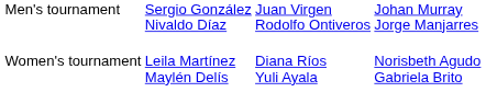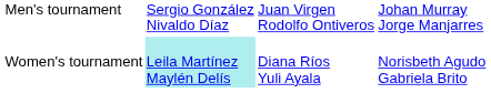 <table>
 <tr>
 <td>Men's tournament</td>
 <td><br><a href='#'>Sergio González</a><br><a href='#'>Nivaldo Díaz</a></td>
 <td><br><a href='#'>Juan Virgen</a><br><a href='#'>Rodolfo Ontiveros</a></td>
 <td><br><a href='#'>Johan Murray</a><br><a href='#'>Jorge Manjarres</a></td>
 </tr>
 <tr>
 <td>Women's tournament</td>
-<td><br><a href='#'>Leila Martínez</a><br><a href='#'>Maylén Delís</a></td>
+<td style="background: paleturquoise;"><br><a href='#'>Leila Martínez</a><br><a href='#'>Maylén Delís</a></td>
 <td><br><a href='#'>Diana Ríos</a><br><a href='#'>Yuli Ayala</a></td>
 <td><br><a href='#'>Norisbeth Agudo</a><br><a href='#'>Gabriela Brito</a></td>
 </tr>
 </table>
